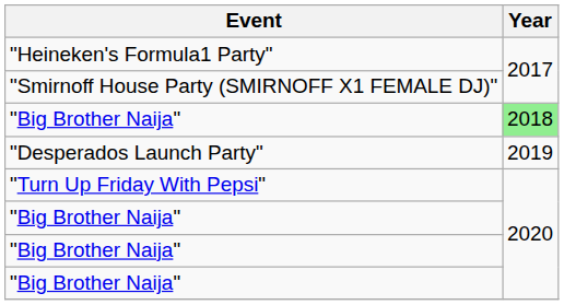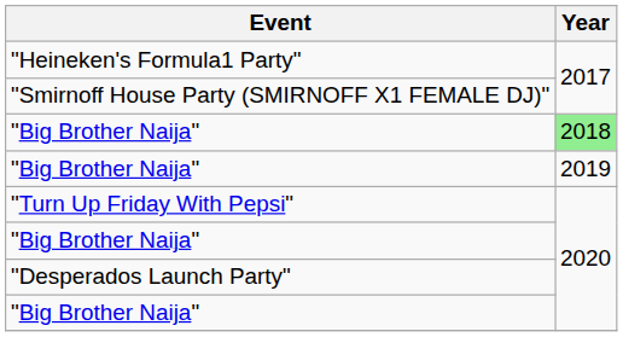 <table class="wikitable">
 <tr>
 <th>Event</th>
 <th>Year</th>
 </tr>
 <tr>
 <td>"Heineken's Formula1 Party"</td>
 <td rowspan="2">2017</td>
 </tr>
 <tr>
 <td>"Smirnoff House Party (SMIRNOFF X1 FEMALE DJ)"</td>
 </tr>
 <tr>
 <td>"<a href='#'>Big Brother Naija</a>"</td>
 <td style="background: lightgreen;">2018</td>
 </tr>
 <tr>
-<td>"Desperados Launch Party"</td>
+<td>"<a href='#'>Big Brother Naija</a>"</td>
 <td>2019</td>
 </tr>
 <tr>
 <td>"<a href='#'>Turn Up Friday With Pepsi</a>"</td>
 <td rowspan="4">2020</td>
 </tr>
 <tr>
 <td>"<a href='#'>Big Brother Naija</a>"</td>
 </tr>
 <tr>
-<td>"<a href='#'>Big Brother Naija</a>"</td>
+<td>"Desperados Launch Party"</td>
 </tr>
 <tr>
 <td>"<a href='#'>Big Brother Naija</a>"</td>
 </tr>
 <tr>
 </tr>
 </table>
